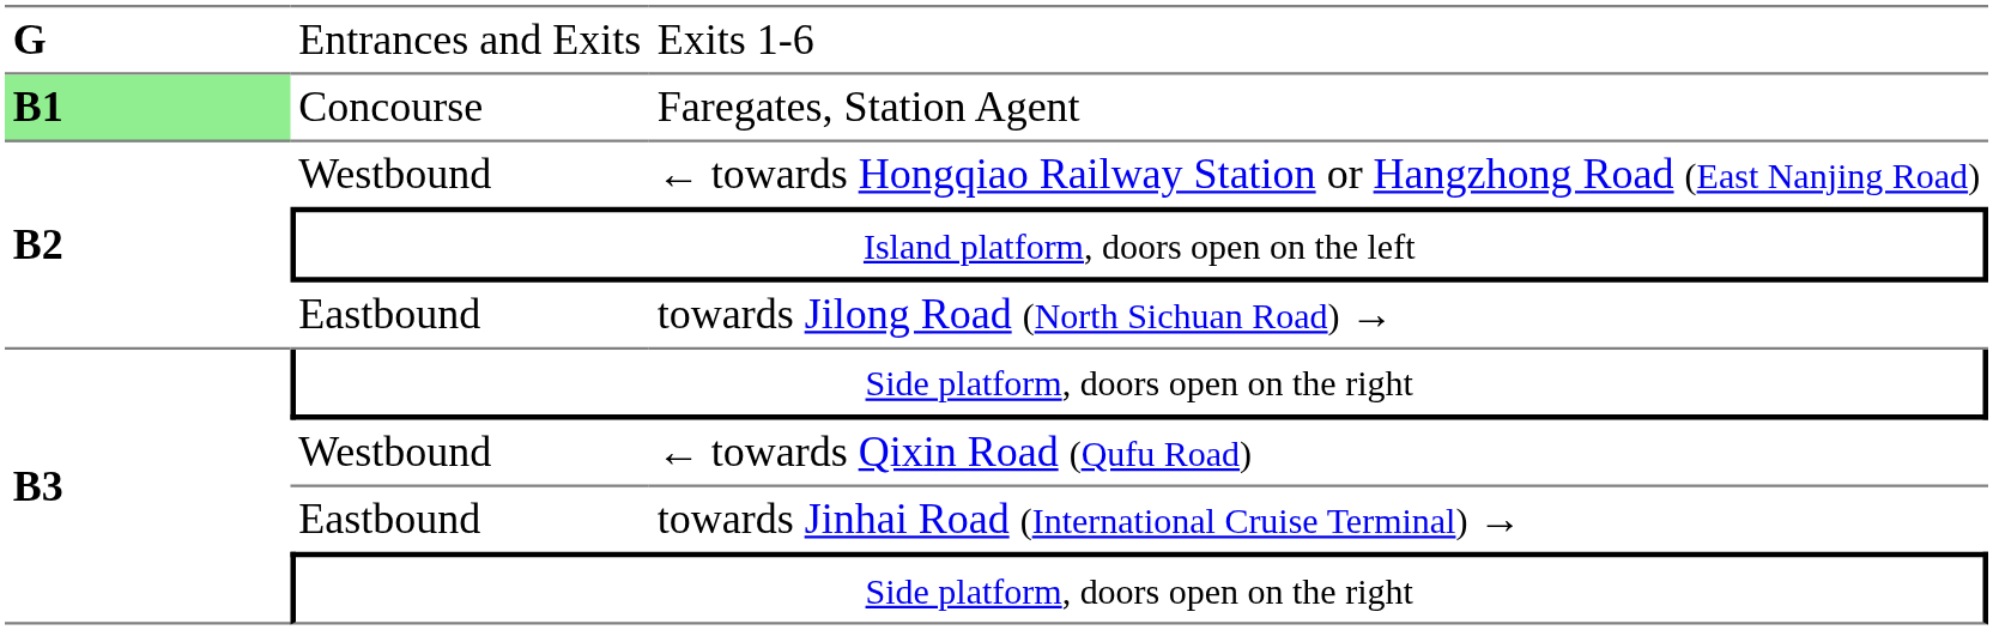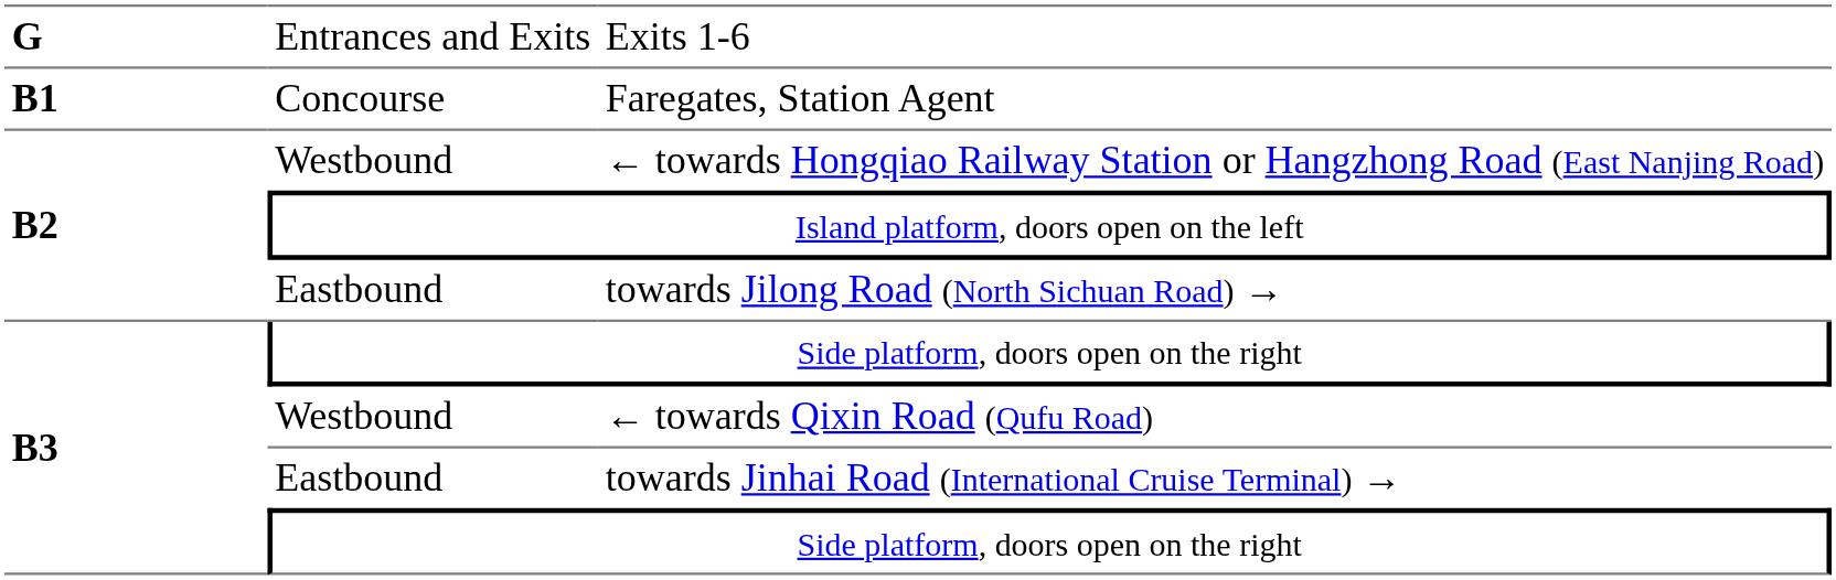 <table cellspacing=0 cellpadding=3>
 <tr>
 <td style="border-top:solid 1px gray;border-bottom:solid 1px gray;" width=100><strong>G</strong></td>
 <td style="border-top:solid 1px gray;border-bottom:solid 1px gray;">Entrances and Exits</td>
 <td style="border-top:solid 1px gray;border-bottom:solid 1px gray;">Exits 1-6</td>
 </tr>
 <tr>
-<td style="background: lightgreen; border-bottom:solid 1px gray;"><strong>B1</strong></td>
+<td style="border-bottom:solid 1px gray;"><strong>B1</strong></td>
 <td style="border-bottom:solid 1px gray;">Concourse</td>
 <td style="border-bottom:solid 1px gray;">Faregates, Station Agent</td>
 </tr>
 <tr>
 <td style="border-bottom:solid 1px gray;" rowspan=3><strong>B2</strong></td>
 <td>Westbound</td>
 <td>←  towards <a href='#'>Hongqiao Railway Station</a> or <a href='#'>Hangzhong Road</a> <small>(<a href='#'>East Nanjing Road</a>)</small></td>
 </tr>
 <tr>
 <td style="border-top:solid 2px black;border-right:solid 2px black;border-left:solid 2px black;border-bottom:solid 2px black;text-align:center;" colspan=2><small><a href='#'>Island platform</a>, doors open on the left</small></td>
 </tr>
 <tr>
 <td style="border-bottom:solid 1px gray;">Eastbound</td>
 <td style="border-bottom:solid 1px gray;">  towards <a href='#'>Jilong Road</a> <small>(<a href='#'>North Sichuan Road</a>)</small> →</td>
 </tr>
 <tr>
 <td style="border-bottom:solid 1px gray;" rowspan=4><strong>B3</strong></td>
 <td style="border-right:solid 2px black;border-left:solid 2px black;border-bottom:solid 2px black;text-align:center;" colspan=2><small><a href='#'>Side platform</a>, doors open on the right</small></td>
 </tr>
 <tr>
 <td style="border-bottom:solid 1px gray;">Westbound</td>
 <td style="border-bottom:solid 1px gray;">←  towards <a href='#'>Qixin Road</a> <small>(<a href='#'>Qufu Road</a>)</small></td>
 </tr>
 <tr>
 <td>Eastbound</td>
 <td>  towards <a href='#'>Jinhai Road</a> <small>(<a href='#'>International Cruise Terminal</a>)</small> →</td>
 </tr>
 <tr>
 <td style="border-right:solid 2px black;border-left:solid 2px black;border-top:solid 2px black;border-bottom:solid 1px gray;text-align:center;" colspan=2><small><a href='#'>Side platform</a>, doors open on the right</small></td>
 </tr>
 </table>
